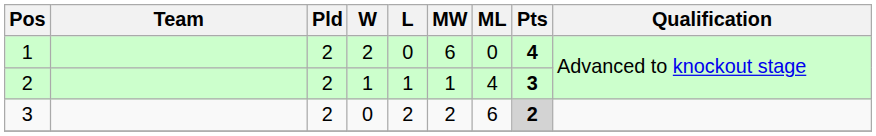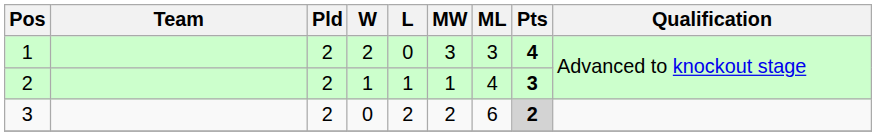 <table class="wikitable" style="text-align:center">
 <tr>
 <th width=25>Pos</th>
 <th width=200>Team</th>
 <th width=25>Pld</th>
 <th width=25>W</th>
 <th width=25>L</th>
 <th width=25>MW</th>
 <th width=25>ML</th>
 <th width=25>Pts</th>
 <th width=250>Qualification</th>
 </tr>
 <tr bgcolor=ccffcc>
 <td>1</td>
 <td style="text-align:left;"></td>
 <td>2</td>
 <td>2</td>
 <td>0</td>
-<td>6</td>
-<td>0</td>
+<td>3</td>
+<td>3</td>
 <td><strong>4</strong></td>
 <td rowspan=2 style="text-align:left;">Advanced to <a href='#'>knockout stage</a></td>
 </tr>
 <tr bgcolor=ccffcc>
 <td>2</td>
 <td style="text-align:left;"></td>
 <td>2</td>
 <td>1</td>
 <td>1</td>
 <td>1</td>
 <td>4</td>
 <td><strong>3</strong></td>
 </tr>
 <tr>
 <td>3</td>
 <td style="text-align:left;"></td>
 <td>2</td>
 <td>0</td>
 <td>2</td>
 <td>2</td>
 <td>6</td>
 <td style="background: lightgrey;"><strong>2</strong></td>
 <td></td>
 </tr>
 <tr>
 </tr>
 </table>
